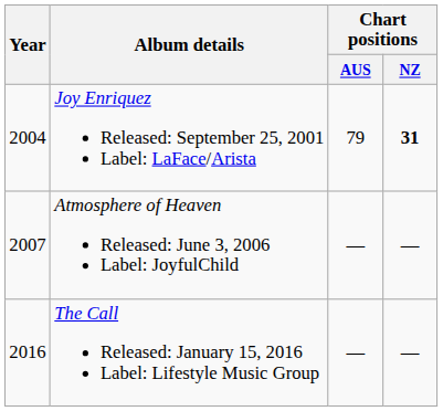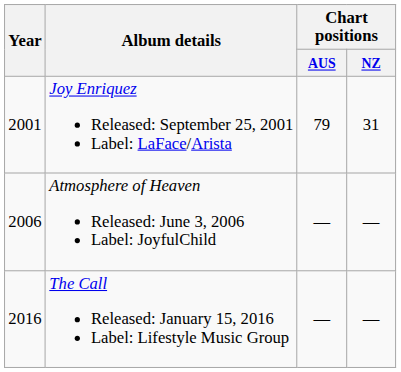 <table class="wikitable">
 <tr>
 <th rowspan=2>Year</th>
 <th rowspan=2>Album details</th>
 <th colspan=2>Chart positions</th>
 </tr>
 <tr>
 <th width=40><small><a href='#'>AUS</a></small><br></th>
 <th width=40><small><a href='#'>NZ</a></small><br></th>
 </tr>
 <tr>
-<td>2004</td>
+<td>2001</td>
 <td><em><a href='#'>Joy Enriquez</a></em><br><ul><li>Released: September 25, 2001</li><li>Label: <a href='#'>LaFace</a>/<a href='#'>Arista</a></li></ul></td>
 <td align=center>79</td>
-<td align=center><strong>31</strong></td>
+<td align=center>31</td>
 </tr>
 <tr>
-<td>2007</td>
+<td>2006</td>
 <td><em>Atmosphere of Heaven</em><br><ul><li>Released: June 3, 2006</li><li>Label: JoyfulChild</li></ul></td>
 <td align=center>—</td>
 <td align=center>—</td>
 </tr>
 <tr>
 <td>2016</td>
 <td><em><a href='#'>The Call</a></em><br><ul><li>Released: January 15, 2016</li><li>Label: Lifestyle Music Group</li></ul></td>
 <td align=center>—</td>
 <td align=center>—</td>
 </tr>
 </table>
